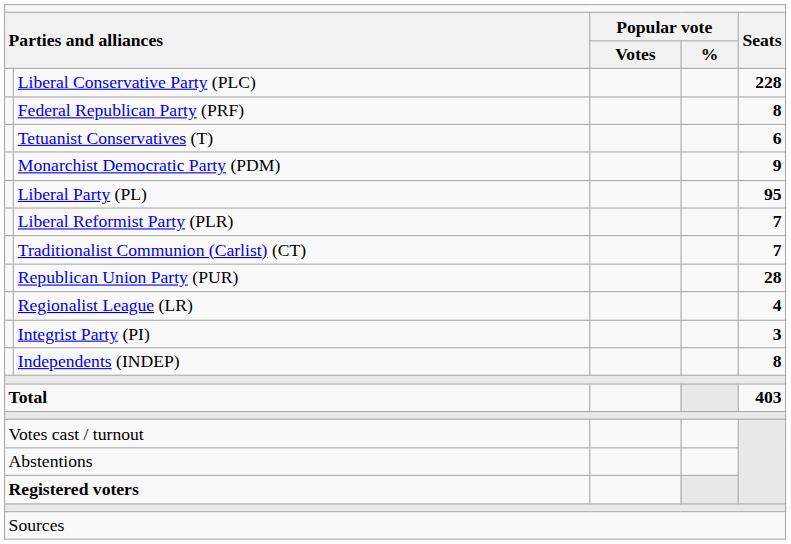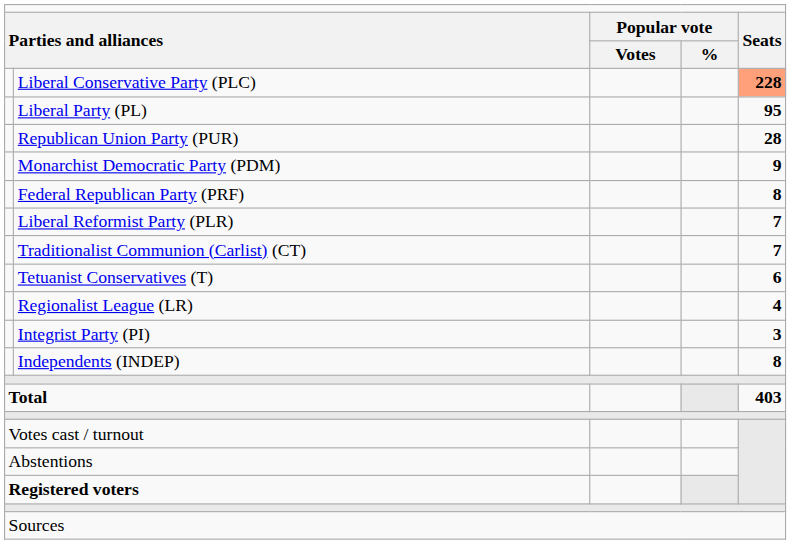 <table class="wikitable" style="text-align:right;">
 <tr>
 <td colspan="5"></td>
 </tr>
 <tr>
 <th style="text-align:left;" rowspan="2" colspan="2" width="525">Parties and alliances</th>
 <th colspan="2">Popular vote</th>
 <th rowspan="2" width="35">Seats</th>
 </tr>
 <tr>
 <th width="75">Votes</th>
 <th width="45">%</th>
 </tr>
 <tr>
 <td width="1" style="color:inherit;background:"></td>
 <td align="left"><a href='#'>Liberal Conservative Party</a> (PLC)</td>
 <td></td>
 <td></td>
-<td><strong>228</strong></td>
+<td style="background: lightsalmon;"><strong>228</strong></td>
 </tr>
 <tr>
 <td style="color:inherit;background:"></td>
-<td align="left"><a href='#'>Federal Republican Party</a> (PRF)</td>
+<td align="left"><a href='#'>Liberal Party</a> (PL)</td>
 <td></td>
 <td></td>
-<td><strong>8</strong></td>
+<td><strong>95</strong></td>
 </tr>
 <tr>
 <td style="color:inherit;background:"></td>
-<td align="left"><a href='#'>Tetuanist Conservatives</a> (T)</td>
+<td align="left"><a href='#'>Republican Union Party</a> (PUR)</td>
 <td></td>
 <td></td>
-<td><strong>6</strong></td>
+<td><strong>28</strong></td>
 </tr>
 <tr>
 <td style="color:inherit;background:"></td>
 <td align="left"><a href='#'>Monarchist Democratic Party</a> (PDM)</td>
 <td></td>
 <td></td>
 <td><strong>9</strong></td>
 </tr>
 <tr>
 <td style="color:inherit;background:"></td>
-<td align="left"><a href='#'>Liberal Party</a> (PL)</td>
+<td align="left"><a href='#'>Federal Republican Party</a> (PRF)</td>
 <td></td>
 <td></td>
-<td><strong>95</strong></td>
+<td><strong>8</strong></td>
 </tr>
 <tr>
 <td style="color:inherit;background:"></td>
 <td align="left"><a href='#'>Liberal Reformist Party</a> (PLR)</td>
 <td></td>
 <td></td>
 <td><strong>7</strong></td>
 </tr>
 <tr>
 <td style="color:inherit;background:"></td>
 <td align="left"><a href='#'>Traditionalist Communion (Carlist)</a> (CT)</td>
 <td></td>
 <td></td>
 <td><strong>7</strong></td>
 </tr>
 <tr>
 <td style="color:inherit;background:"></td>
-<td align="left"><a href='#'>Republican Union Party</a> (PUR)</td>
+<td align="left"><a href='#'>Tetuanist Conservatives</a> (T)</td>
 <td></td>
 <td></td>
-<td><strong>28</strong></td>
+<td><strong>6</strong></td>
 </tr>
 <tr>
 <td style="color:inherit;background:"></td>
 <td align="left"><a href='#'>Regionalist League</a> (LR)</td>
 <td></td>
 <td></td>
 <td><strong>4</strong></td>
 </tr>
 <tr>
 <td style="color:inherit;background:"></td>
 <td align="left"><a href='#'>Integrist Party</a> (PI)</td>
 <td></td>
 <td></td>
 <td><strong>3</strong></td>
 </tr>
 <tr>
 <td style="color:inherit;background:"></td>
 <td align="left"><a href='#'>Independents</a> (INDEP)</td>
 <td></td>
 <td></td>
 <td><strong>8</strong></td>
 </tr>
 <tr>
 <td colspan="5" bgcolor="#E9E9E9"></td>
 </tr>
 <tr style="font-weight:bold;">
 <td align="left" colspan="2">Total</td>
 <td></td>
 <td bgcolor="#E9E9E9"></td>
 <td>403</td>
 </tr>
 <tr>
 <td colspan="5" bgcolor="#E9E9E9"></td>
 </tr>
 <tr>
 <td align="left" colspan="2">Votes cast / turnout</td>
 <td></td>
 <td></td>
 <td bgcolor="#E9E9E9" rowspan="3"></td>
 </tr>
 <tr>
 <td align="left" colspan="2">Abstentions</td>
 <td></td>
 <td></td>
 </tr>
 <tr style="font-weight:bold;">
 <td align="left" colspan="2">Registered voters</td>
 <td></td>
 <td bgcolor="#E9E9E9"></td>
 </tr>
 <tr>
 <td colspan="5" bgcolor="#E9E9E9"></td>
 </tr>
 <tr>
 <td align="left" colspan="5">Sources</td>
 </tr>
 </table>
